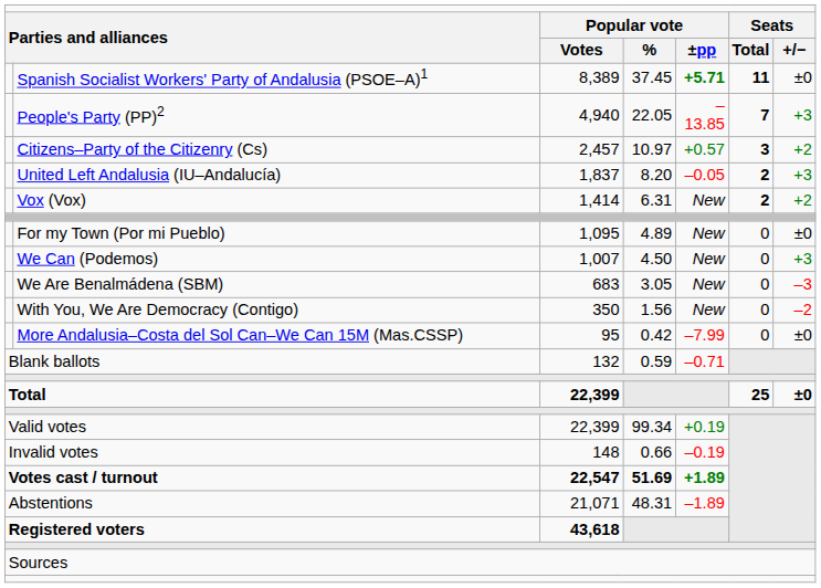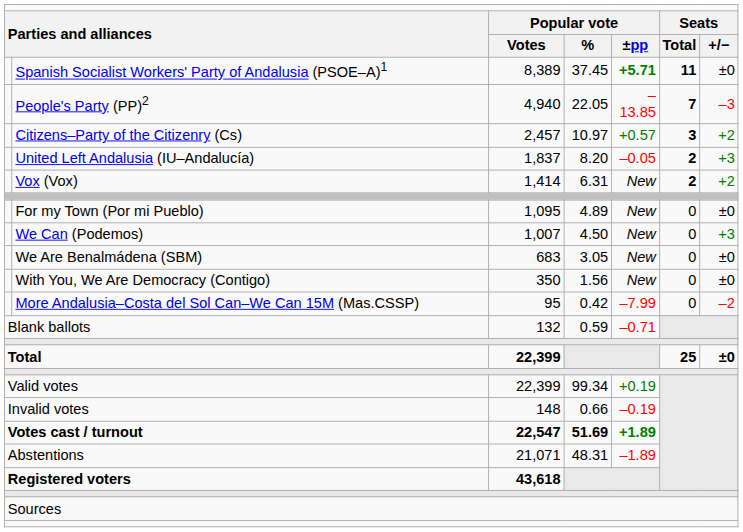 <table class="wikitable" style="text-align:right;">
 <tr>
 <td colspan="7"></td>
 </tr>
 <tr>
 <th style="text-align:left;" rowspan="2" colspan="2" width="525">Parties and alliances</th>
 <th colspan="3">Popular vote</th>
 <th colspan="2">Seats</th>
 </tr>
 <tr>
 <th width="75">Votes</th>
 <th width="45">%</th>
 <th width="45">±<a href='#'>pp</a></th>
 <th width="35">Total</th>
 <th width="35">+/−</th>
 </tr>
 <tr>
 <td width="1" style="color:inherit;background:"></td>
 <td align="left"><a href='#'>Spanish Socialist Workers' Party of Andalusia</a> (PSOE–A)<sup>1</sup></td>
 <td>8,389</td>
 <td>37.45</td>
 <td style="color:green;"><strong>+5.71</strong></td>
 <td><strong>11</strong></td>
 <td>±0</td>
 </tr>
 <tr>
 <td style="color:inherit;background:"></td>
 <td align="left"><a href='#'>People's Party</a> (PP)<sup>2</sup></td>
 <td>4,940</td>
 <td>22.05</td>
 <td style="color:red;">–13.85</td>
 <td><strong>7</strong></td>
-<td style="color:green;">+3</td>
+<td style="color:red;">–3</td>
 </tr>
 <tr>
 <td style="color:inherit;background:"></td>
 <td align="left"><a href='#'>Citizens–Party of the Citizenry</a> (Cs)</td>
 <td>2,457</td>
 <td>10.97</td>
 <td style="color:green;">+0.57</td>
 <td><strong>3</strong></td>
 <td style="color:green;">+2</td>
 </tr>
 <tr>
 <td style="color:inherit;background:"></td>
 <td align="left"><a href='#'>United Left Andalusia</a> (IU–Andalucía)</td>
 <td>1,837</td>
 <td>8.20</td>
 <td style="color:red;">–0.05</td>
 <td><strong>2</strong></td>
 <td style="color:green;">+3</td>
 </tr>
 <tr>
 <td style="color:inherit;background:"></td>
 <td align="left"><a href='#'>Vox</a> (Vox)</td>
 <td>1,414</td>
 <td>6.31</td>
 <td><em>New</em></td>
 <td><strong>2</strong></td>
 <td style="color:green;">+2</td>
 </tr>
 <tr>
 <td colspan="7" bgcolor="#C0C0C0"></td>
 </tr>
 <tr>
 <td style="color:inherit;background:"></td>
 <td align="left">For my Town (Por mi Pueblo)</td>
 <td>1,095</td>
 <td>4.89</td>
 <td><em>New</em></td>
 <td>0</td>
 <td>±0</td>
 </tr>
 <tr>
 <td style="color:inherit;background:"></td>
 <td align="left"><a href='#'>We Can</a> (Podemos)</td>
 <td>1,007</td>
 <td>4.50</td>
 <td><em>New</em></td>
 <td>0</td>
 <td style="color:green;">+3</td>
 </tr>
 <tr>
 <td style="color:inherit;background:"></td>
 <td align="left">We Are Benalmádena (SBM)</td>
 <td>683</td>
 <td>3.05</td>
 <td><em>New</em></td>
 <td>0</td>
-<td style="color:red;">–3</td>
+<td>±0</td>
 </tr>
 <tr>
 <td style="color:inherit;background:"></td>
 <td align="left">With You, We Are Democracy (Contigo)</td>
 <td>350</td>
 <td>1.56</td>
 <td><em>New</em></td>
 <td>0</td>
-<td style="color:red;">–2</td>
+<td>±0</td>
 </tr>
 <tr>
 <td style="color:inherit;background:"></td>
 <td align="left"><a href='#'>More Andalusia–Costa del Sol Can–We Can 15M</a> (Mas.CSSP)</td>
 <td>95</td>
 <td>0.42</td>
 <td style="color:red;">–7.99</td>
 <td>0</td>
-<td>±0</td>
+<td style="color:red;">–2</td>
 </tr>
 <tr>
 <td align="left" colspan="2">Blank ballots</td>
 <td>132</td>
 <td>0.59</td>
 <td style="color:red;">–0.71</td>
 <td bgcolor="#E9E9E9" colspan="2"></td>
 </tr>
 <tr>
 <td colspan="7" bgcolor="#E9E9E9"></td>
 </tr>
 <tr style="font-weight:bold;">
 <td align="left" colspan="2">Total</td>
 <td>22,399</td>
 <td bgcolor="#E9E9E9" colspan="2"></td>
 <td>25</td>
 <td>±0</td>
 </tr>
 <tr>
 <td colspan="7" bgcolor="#E9E9E9"></td>
 </tr>
 <tr>
 <td align="left" colspan="2">Valid votes</td>
 <td>22,399</td>
 <td>99.34</td>
 <td style="color:green;">+0.19</td>
 <td bgcolor="#E9E9E9" colspan="2" rowspan="5"></td>
 </tr>
 <tr>
 <td align="left" colspan="2">Invalid votes</td>
 <td>148</td>
 <td>0.66</td>
 <td style="color:red;">–0.19</td>
 </tr>
 <tr style="font-weight:bold;">
 <td align="left" colspan="2">Votes cast / turnout</td>
 <td>22,547</td>
 <td>51.69</td>
 <td style="color:green;">+1.89</td>
 </tr>
 <tr>
 <td align="left" colspan="2">Abstentions</td>
 <td>21,071</td>
 <td>48.31</td>
 <td style="color:red;">–1.89</td>
 </tr>
 <tr style="font-weight:bold;">
 <td align="left" colspan="2">Registered voters</td>
 <td>43,618</td>
 <td bgcolor="#E9E9E9" colspan="2"></td>
 </tr>
 <tr>
 <td colspan="7" bgcolor="#E9E9E9"></td>
 </tr>
 <tr>
 <td align="left" colspan="7">Sources</td>
 </tr>
 <tr>
 <td colspan="7" style="text-align:left; max-width:790px;"></td>
 </tr>
 </table>
